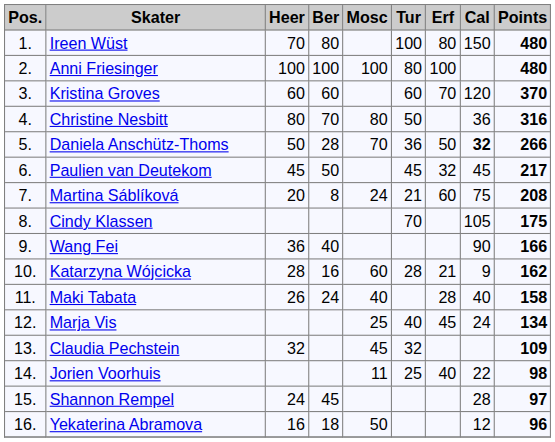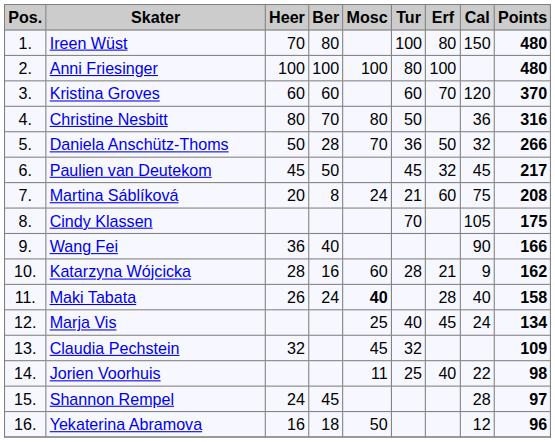 <table bgcolor="#f7f8ff" cellpadding="3" cellspacing="0" border="1" style="font-size: 95%; border: gray solid 1px; border-collapse: collapse;">
 <tr bgcolor="#CCCCCC">
 <td align="center" width="10"><strong>Pos.</strong></td>
 <td align="center" width="200"><strong>Skater</strong></td>
 <td align="center" width="20"><strong>Heer</strong></td>
 <td align="center" width="20"><strong>Ber</strong></td>
 <td align="center" width="20"><strong>Mosc</strong></td>
 <td align="center" width="20"><strong>Tur</strong></td>
 <td align="center" width="20"><strong>Erf</strong></td>
 <td align="center" width="20"><strong>Cal</strong></td>
 <td align="center" width="20"><strong>Points</strong></td>
 </tr>
 <tr align="left">
 <td align="center">1.</td>
 <td> <a href='#'>Ireen Wüst</a></td>
 <td align="right">70</td>
 <td align="right">80</td>
 <td align="right"></td>
 <td align="right">100</td>
 <td align="right">80</td>
 <td align="right">150</td>
 <td align="right"><strong>480</strong></td>
 </tr>
 <tr align="left">
 <td align="center">2.</td>
 <td> <a href='#'>Anni Friesinger</a></td>
 <td align="right">100</td>
 <td align="right">100</td>
 <td align="right">100</td>
 <td align="right">80</td>
 <td align="right">100</td>
 <td align="right"></td>
 <td align="right"><strong>480</strong></td>
 </tr>
 <tr align="left">
 <td align="center">3.</td>
 <td> <a href='#'>Kristina Groves</a></td>
 <td align="right">60</td>
 <td align="right">60</td>
 <td align="right"></td>
 <td align="right">60</td>
 <td align="right">70</td>
 <td align="right">120</td>
 <td align="right"><strong>370</strong></td>
 </tr>
 <tr align="left">
 <td align="center">4.</td>
 <td> <a href='#'>Christine Nesbitt</a></td>
 <td align="right">80</td>
 <td align="right">70</td>
 <td align="right">80</td>
 <td align="right">50</td>
 <td align="right"></td>
 <td align="right">36</td>
 <td align="right"><strong>316</strong></td>
 </tr>
 <tr align="left">
 <td align="center">5.</td>
 <td> <a href='#'>Daniela Anschütz-Thoms</a></td>
 <td align="right">50</td>
 <td align="right">28</td>
 <td align="right">70</td>
 <td align="right">36</td>
 <td align="right">50</td>
-<td align="right"><strong>32</strong></td>
+<td align="right">32</td>
 <td align="right"><strong>266</strong></td>
 </tr>
 <tr align="left">
 <td align="center">6.</td>
 <td> <a href='#'>Paulien van Deutekom</a></td>
 <td align="right">45</td>
 <td align="right">50</td>
 <td align="right"></td>
 <td align="right">45</td>
 <td align="right">32</td>
 <td align="right">45</td>
 <td align="right"><strong>217</strong></td>
 </tr>
 <tr align="left">
 <td align="center">7.</td>
 <td> <a href='#'>Martina Sáblíková</a></td>
 <td align="right">20</td>
 <td align="right">8</td>
 <td align="right">24</td>
 <td align="right">21</td>
 <td align="right">60</td>
 <td align="right">75</td>
 <td align="right"><strong>208</strong></td>
 </tr>
 <tr align="left">
 <td align="center">8.</td>
 <td> <a href='#'>Cindy Klassen</a></td>
 <td align="right"></td>
 <td align="right"></td>
 <td align="right"></td>
 <td align="right">70</td>
 <td align="right"></td>
 <td align="right">105</td>
 <td align="right"><strong>175</strong></td>
 </tr>
 <tr align="left">
 <td align="center">9.</td>
 <td> <a href='#'>Wang Fei</a></td>
 <td align="right">36</td>
 <td align="right">40</td>
 <td align="right"></td>
 <td align="right"></td>
 <td align="right"></td>
 <td align="right">90</td>
 <td align="right"><strong>166</strong></td>
 </tr>
 <tr align="left">
 <td align="center">10.</td>
 <td> <a href='#'>Katarzyna Wójcicka</a></td>
 <td align="right">28</td>
 <td align="right">16</td>
 <td align="right">60</td>
 <td align="right">28</td>
 <td align="right">21</td>
 <td align="right">9</td>
 <td align="right"><strong>162</strong></td>
 </tr>
 <tr align="left">
 <td align="center">11.</td>
 <td> <a href='#'>Maki Tabata</a></td>
 <td align="right">26</td>
 <td align="right">24</td>
-<td align="right">40</td>
+<td align="right"><strong>40</strong></td>
 <td align="right"></td>
 <td align="right">28</td>
 <td align="right">40</td>
 <td align="right"><strong>158</strong></td>
 </tr>
 <tr align="left">
 <td align="center">12.</td>
 <td> <a href='#'>Marja Vis</a></td>
 <td align="right"></td>
 <td align="right"></td>
 <td align="right">25</td>
 <td align="right">40</td>
 <td align="right">45</td>
 <td align="right">24</td>
 <td align="right"><strong>134</strong></td>
 </tr>
 <tr align="left">
 <td align="center">13.</td>
 <td> <a href='#'>Claudia Pechstein</a></td>
 <td align="right">32</td>
 <td align="right"></td>
 <td align="right">45</td>
 <td align="right">32</td>
 <td align="right"></td>
 <td align="right"></td>
 <td align="right"><strong>109</strong></td>
 </tr>
 <tr align="left">
 <td align="center">14.</td>
 <td> <a href='#'>Jorien Voorhuis</a></td>
 <td align="right"></td>
 <td align="right"></td>
 <td align="right">11</td>
 <td align="right">25</td>
 <td align="right">40</td>
 <td align="right">22</td>
 <td align="right"><strong>98</strong></td>
 </tr>
 <tr align="left">
 <td align="center">15.</td>
 <td> <a href='#'>Shannon Rempel</a></td>
 <td align="right">24</td>
 <td align="right">45</td>
 <td align="right"></td>
 <td align="right"></td>
 <td align="right"></td>
 <td align="right">28</td>
 <td align="right"><strong>97</strong></td>
 </tr>
 <tr align="left">
 <td align="center">16.</td>
 <td> <a href='#'>Yekaterina Abramova</a></td>
 <td align="right">16</td>
 <td align="right">18</td>
 <td align="right">50</td>
 <td align="right"></td>
 <td align="right"></td>
 <td align="right">12</td>
 <td align="right"><strong>96</strong></td>
 </tr>
 <tr>
 </tr>
 </table>
